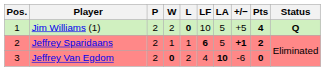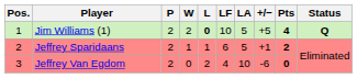 <table class="wikitable" style="text-align:center; margin: 1em auto 1em auto, align:left">
 <tr>
 <th width=20>Pos.</th>
 <th width=185>Player</th>
 <th width=20>P</th>
 <th width=20>W</th>
 <th width=20>L</th>
 <th width=20>LF</th>
 <th width=20>LA</th>
 <th width=25>+/−</th>
 <th width=20>Pts</th>
 <th width=70>Status</th>
 </tr>
 <tr style="background:#D0F0C0;">
 <td>1</td>
 <td align=left> <a href='#'>Jim Williams</a> (1)</td>
 <td>2</td>
 <td>2</td>
 <td><strong>0</strong></td>
 <td>10</td>
 <td>5</td>
 <td>+5</td>
 <td><strong>4</strong></td>
 <td rowspan=1><strong>Q</strong></td>
 </tr>
 <tr style="background:#FF8888;">
 <td>2</td>
 <td align=left> <a href='#'>Jeffrey Sparidaans</a></td>
 <td>2</td>
 <td>1</td>
 <td>1</td>
-<td><strong>6</strong></td>
+<td>6</td>
 <td>5</td>
-<td><strong>+1</strong></td>
+<td>+1</td>
 <td><strong>2</strong></td>
 <td rowspan=2>Eliminated</td>
 </tr>
 <tr style="background:#FF8888;">
 <td>3</td>
 <td align=left> <a href='#'>Jeffrey Van Egdom</a></td>
 <td>2</td>
-<td><strong>0</strong></td>
+<td>0</td>
 <td>2</td>
 <td>4</td>
-<td><strong>10</strong></td>
+<td>10</td>
 <td>-6</td>
 <td><strong>0</strong></td>
 </tr>
 </table>
